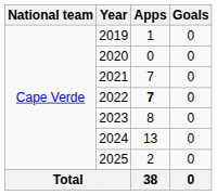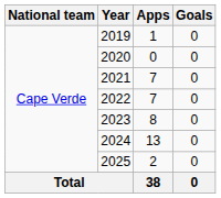 <table class="wikitable" style="text-align:center">
 <tr>
 <th>National team</th>
 <th>Year</th>
 <th>Apps</th>
 <th>Goals</th>
 </tr>
 <tr>
 <td rowspan="7"><a href='#'>Cape Verde</a></td>
 <td>2019</td>
 <td>1</td>
 <td>0</td>
 </tr>
 <tr>
 <td>2020</td>
 <td>0</td>
 <td>0</td>
 </tr>
 <tr>
 <td>2021</td>
 <td>7</td>
 <td>0</td>
 </tr>
 <tr>
 <td>2022</td>
-<td><strong>7</strong></td>
+<td>7</td>
 <td>0</td>
 </tr>
 <tr>
 <td>2023</td>
 <td>8</td>
 <td>0</td>
 </tr>
 <tr>
 <td>2024</td>
 <td>13</td>
 <td>0</td>
 </tr>
 <tr>
 <td>2025</td>
 <td>2</td>
 <td>0</td>
 </tr>
 <tr>
 <th colspan="2">Total</th>
 <th>38</th>
 <th>0</th>
 </tr>
 </table>
